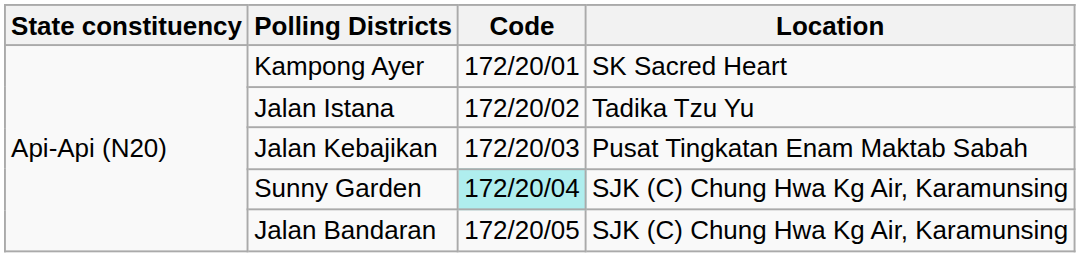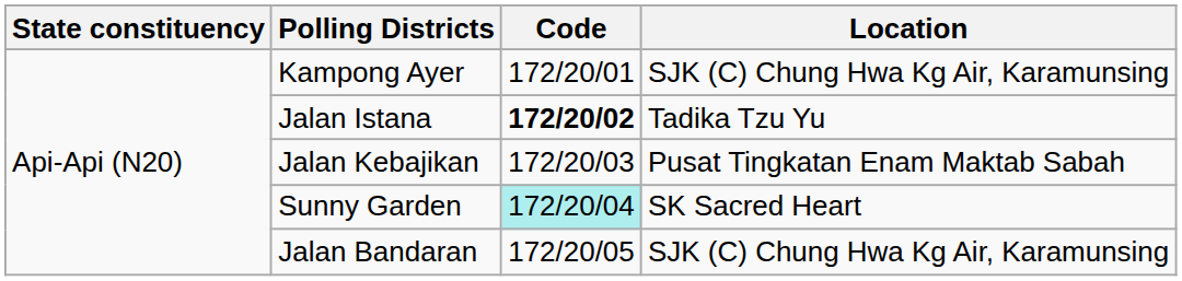 <table class="wikitable sortable mw-collapsible" style="white-space:nowrap;font-size:85%">
 <tr>
 <th>State constituency</th>
 <th>Polling Districts</th>
 <th>Code</th>
 <th>Location</th>
 </tr>
 <tr>
 <td rowspan="5">Api-Api (N20)</td>
 <td>Kampong Ayer</td>
 <td>172/20/01</td>
-<td>SK Sacred Heart</td>
+<td>SJK (C) Chung Hwa Kg Air, Karamunsing</td>
 </tr>
 <tr>
 <td>Jalan Istana</td>
-<td>172/20/02</td>
+<td><strong>172/20/02</strong></td>
 <td>Tadika Tzu Yu</td>
 </tr>
 <tr>
 <td>Jalan Kebajikan</td>
 <td>172/20/03</td>
 <td>Pusat Tingkatan Enam Maktab Sabah</td>
 </tr>
 <tr>
 <td>Sunny Garden</td>
 <td style="background: paleturquoise;">172/20/04</td>
-<td>SJK (C) Chung Hwa Kg Air, Karamunsing</td>
+<td>SK Sacred Heart</td>
 </tr>
 <tr>
 <td>Jalan Bandaran</td>
 <td>172/20/05</td>
 <td>SJK (C) Chung Hwa Kg Air, Karamunsing</td>
 </tr>
 </table>
